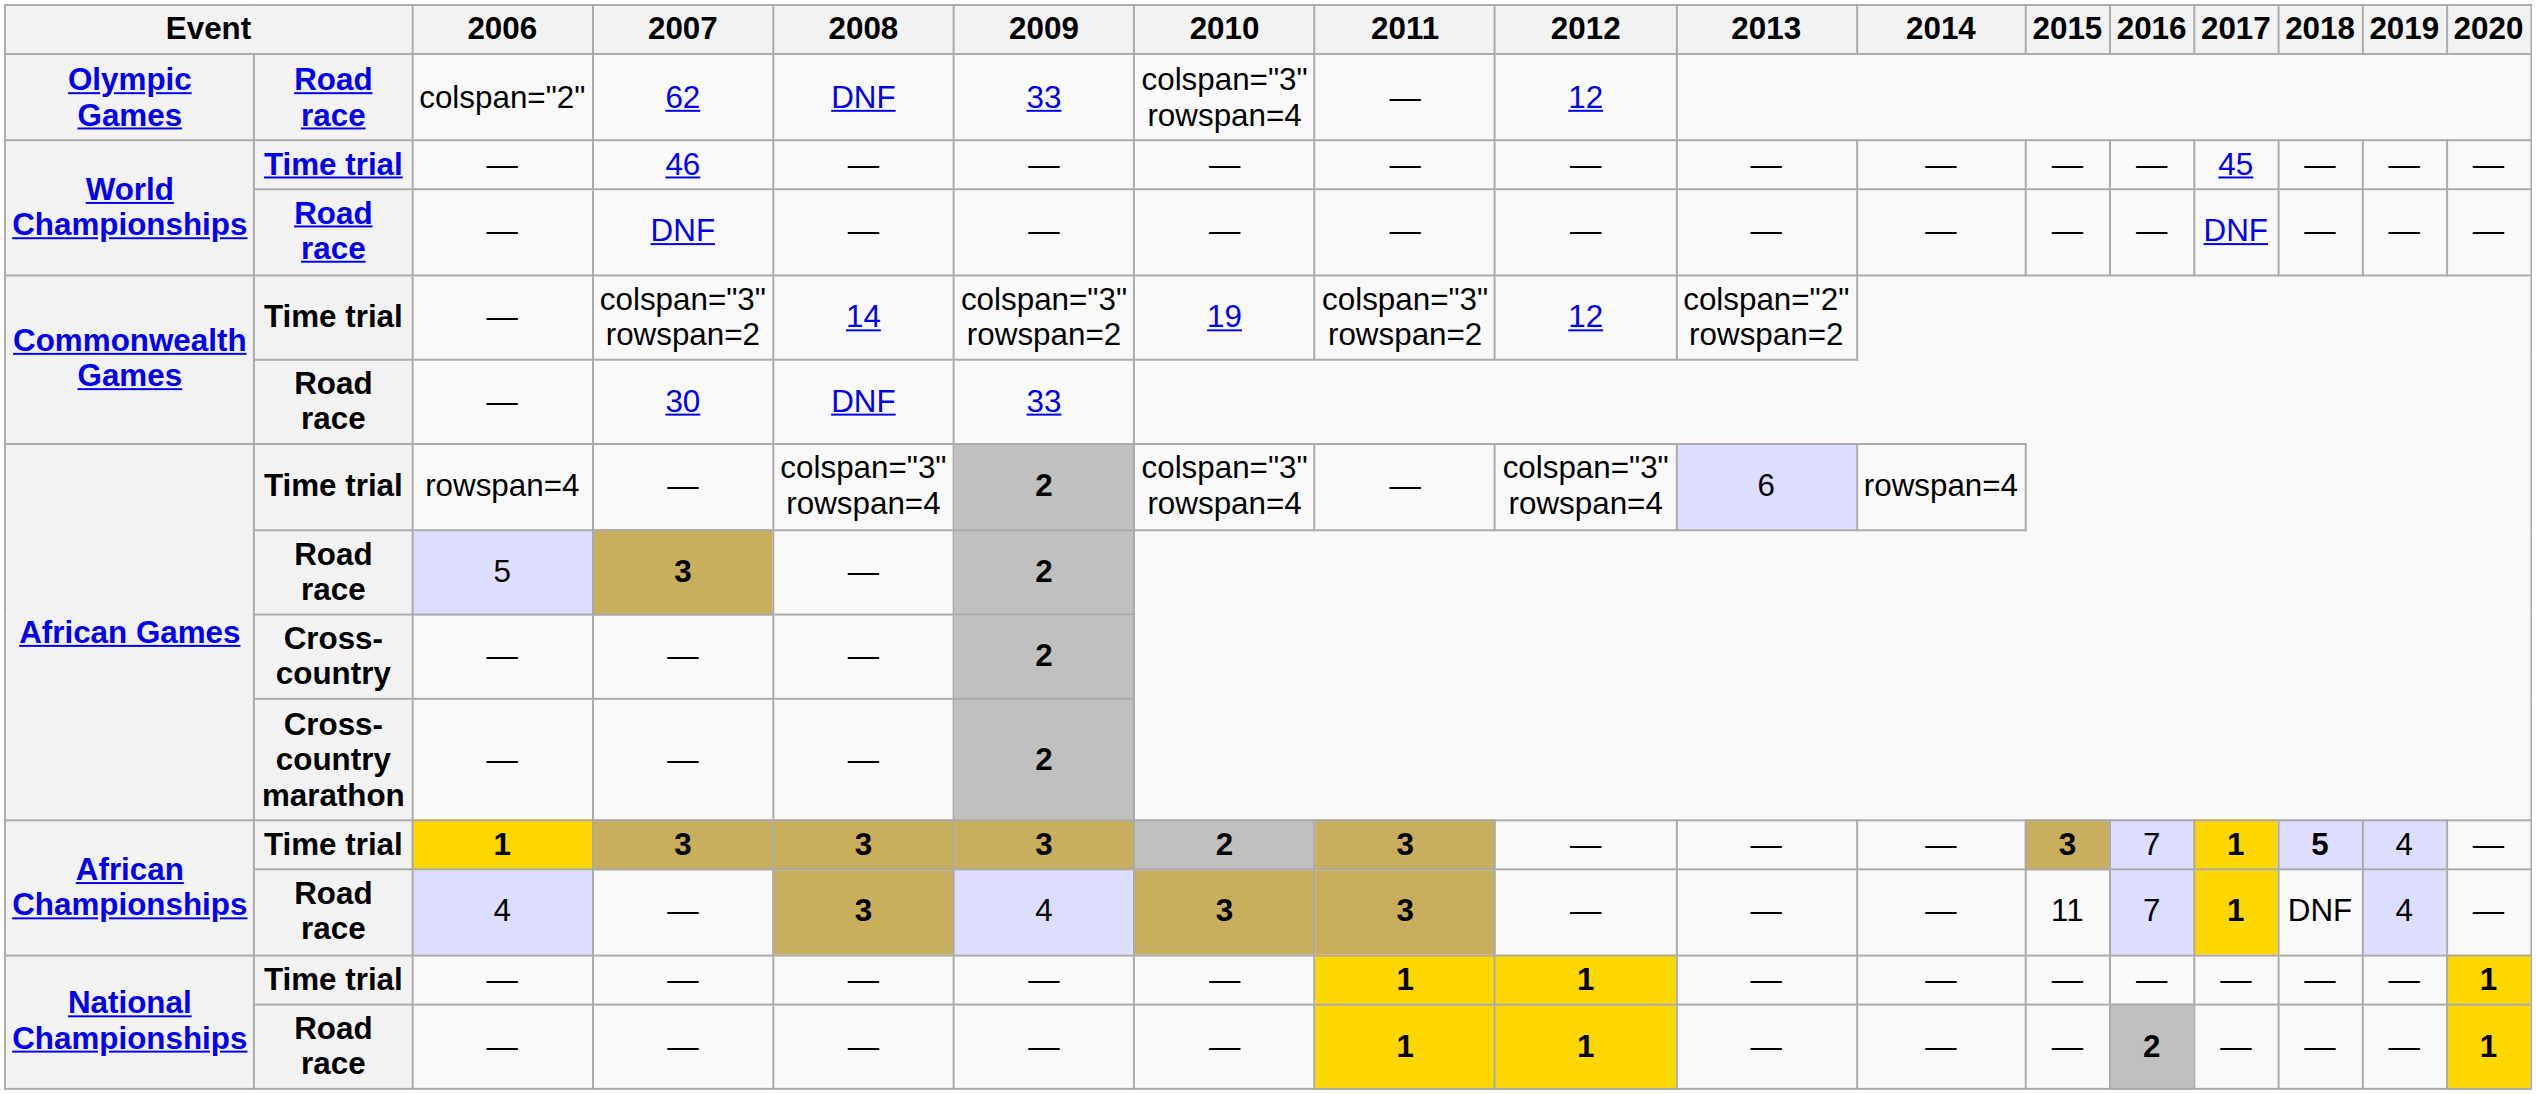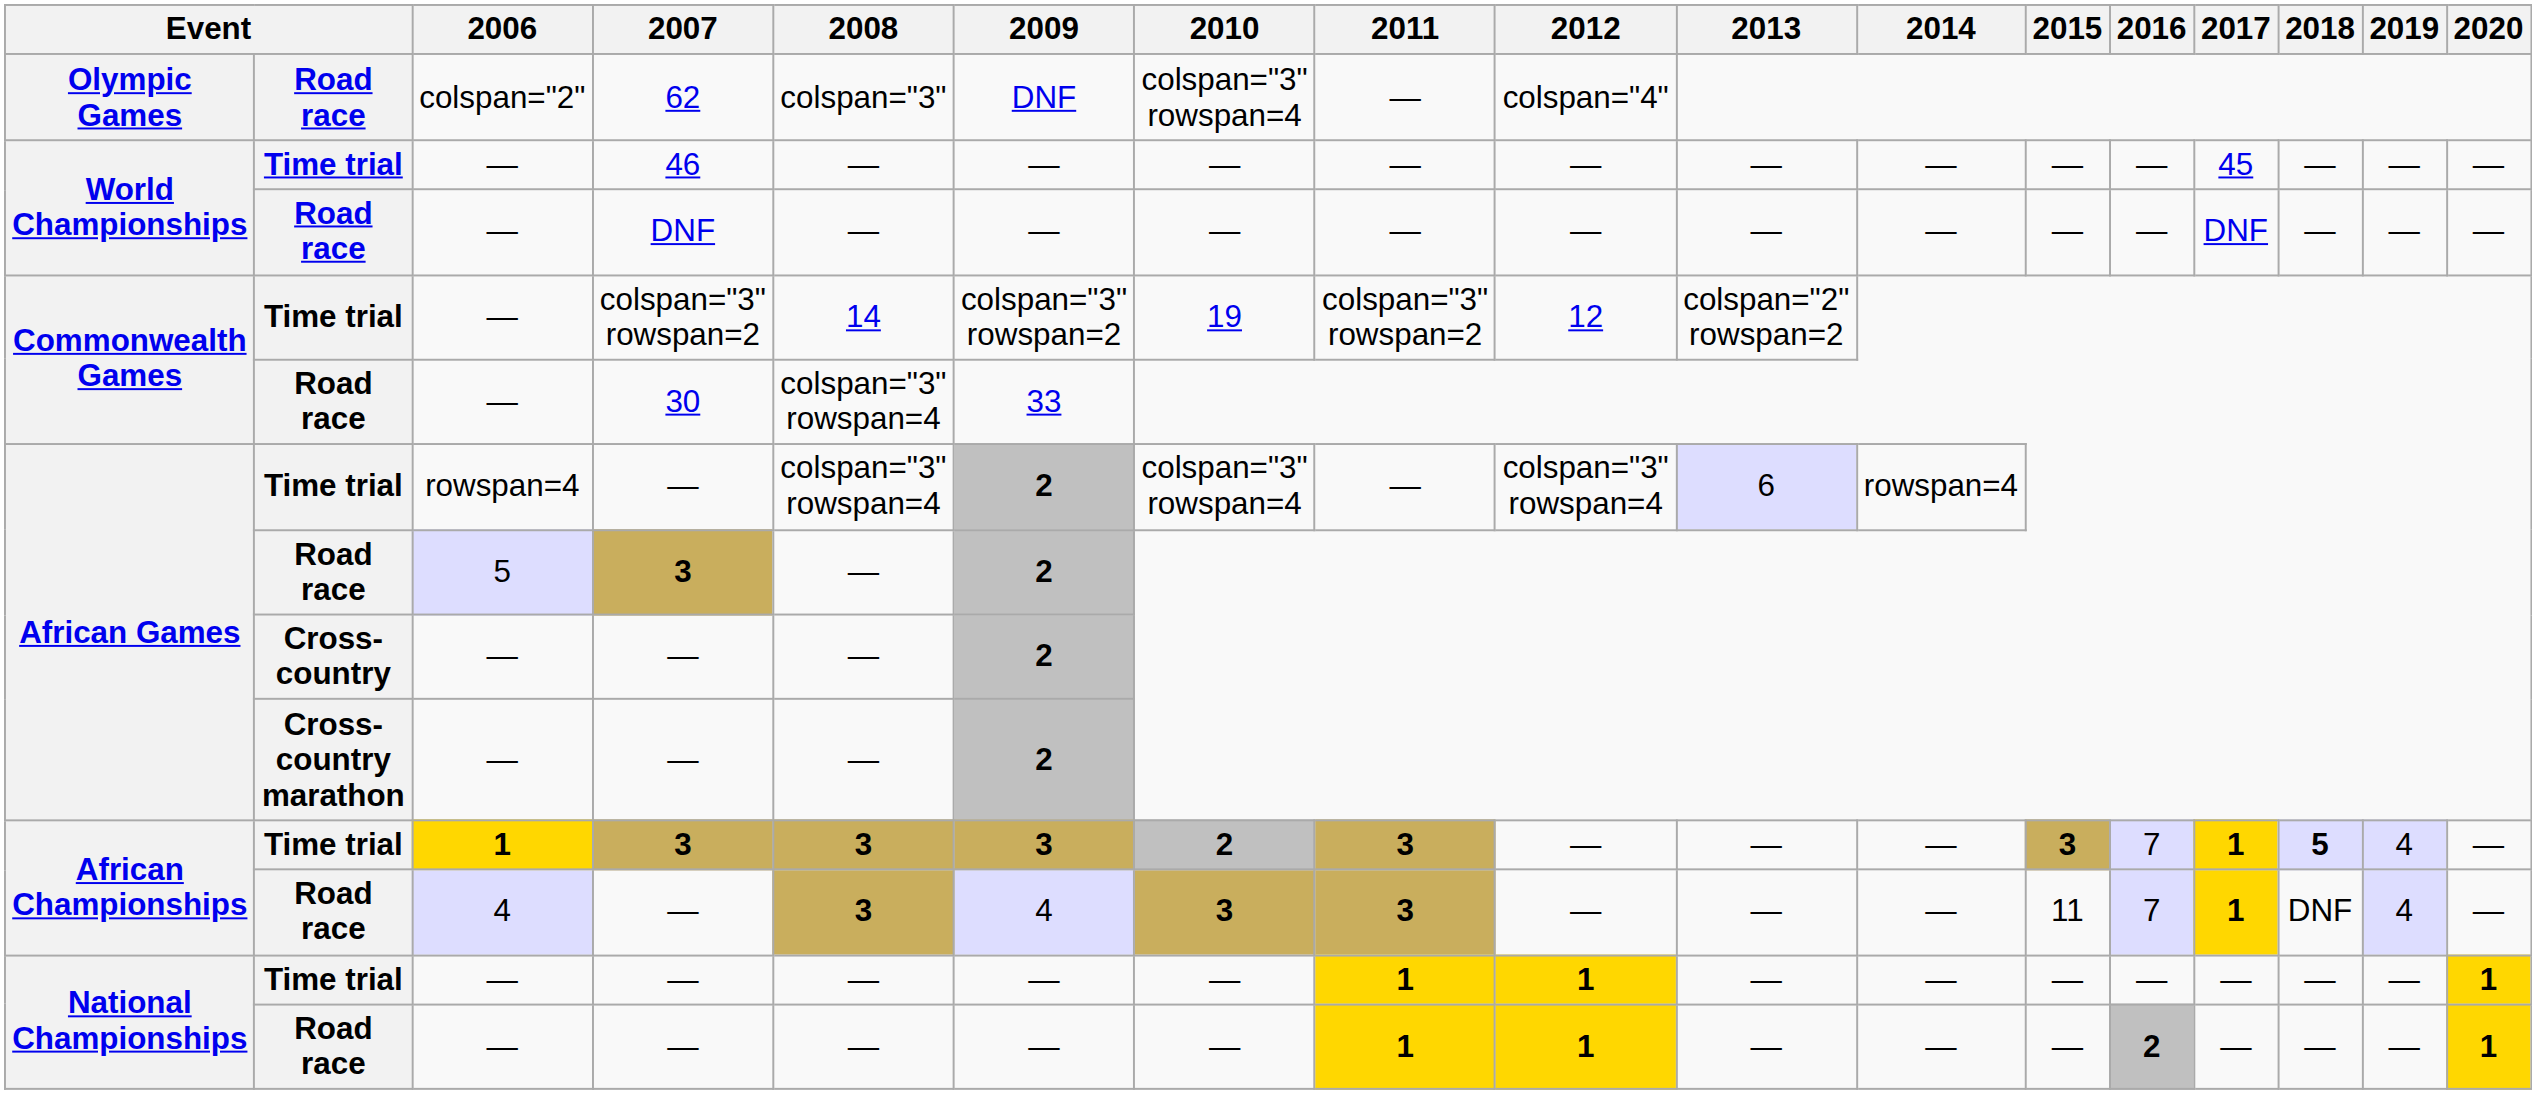 <table class="wikitable plainrowheaders">
 <tr>
 <th colspan="2" scope="col">Event</th>
 <th scope="col">2006</th>
 <th scope="col">2007</th>
 <th scope="col">2008</th>
 <th scope="col">2009</th>
 <th scope="col">2010</th>
 <th scope="col">2011</th>
 <th scope="col">2012</th>
 <th scope="col">2013</th>
 <th scope="col">2014</th>
 <th scope="col">2015</th>
 <th scope="col">2016</th>
 <th scope="col">2017</th>
 <th scope="col">2018</th>
 <th scope="col">2019</th>
 <th scope="col">2020</th>
 </tr>
 <tr style="text-align:center;">
 <th scope="row"> <a href='#'>Olympic Games</a></th>
 <th scope="row"><a href='#'>Road race</a></th>
 <td>colspan="2" </td>
 <td><a href='#'>62</a></td>
+<td>colspan="3" </td>
 <td><a href='#'>DNF</a></td>
-<td><a href='#'>33</a></td>
 <td>colspan="3" rowspan=4 </td>
 <td>—</td>
-<td><a href='#'>12</a></td>
+<td>colspan="4" </td>
 </tr>
 <tr style="text-align:center;">
 <th rowspan="2" scope="row"> <a href='#'>World Championships</a></th>
 <th scope="row"><a href='#'>Time trial</a></th>
 <td>—</td>
 <td><a href='#'>46</a></td>
 <td>—</td>
 <td>—</td>
 <td>—</td>
 <td>—</td>
 <td>—</td>
 <td>—</td>
 <td>—</td>
 <td>—</td>
 <td>—</td>
 <td><a href='#'>45</a></td>
 <td>—</td>
 <td>—</td>
 <td>—</td>
 </tr>
 <tr style="text-align:center;">
 <th scope="row"><a href='#'>Road race</a></th>
 <td>—</td>
 <td><a href='#'>DNF</a></td>
 <td>—</td>
 <td>—</td>
 <td>—</td>
 <td>—</td>
 <td>—</td>
 <td>—</td>
 <td>—</td>
 <td>—</td>
 <td>—</td>
 <td><a href='#'>DNF</a></td>
 <td>—</td>
 <td>—</td>
 <td>—</td>
 </tr>
 <tr style="text-align:center;">
 <th scope="row" rowspan=2> <a href='#'>Commonwealth Games</a></th>
 <th scope="row">Time trial</th>
 <td>—</td>
 <td>colspan="3" rowspan=2 </td>
 <td><a href='#'>14</a></td>
 <td>colspan="3" rowspan=2 </td>
 <td><a href='#'>19</a></td>
 <td>colspan="3" rowspan=2 </td>
 <td><a href='#'>12</a></td>
 <td>colspan="2" rowspan=2 </td>
 </tr>
 <tr style="text-align:center;">
 <th scope="row">Road race</th>
 <td>—</td>
 <td><a href='#'>30</a></td>
-<td><a href='#'>DNF</a></td>
+<td>colspan="3" rowspan=4 </td>
 <td><a href='#'>33</a></td>
 </tr>
 <tr style="text-align:center;">
 <th rowspan="4" scope="row"> <a href='#'>African Games</a></th>
 <th scope="row">Time trial</th>
 <td>rowspan=4 </td>
 <td>—</td>
 <td>colspan="3" rowspan=4 </td>
 <td style="background:silver;"><strong>2</strong></td>
 <td>colspan="3" rowspan=4 </td>
 <td>—</td>
 <td>colspan="3" rowspan=4 </td>
 <td style="background:#ddf;">6</td>
 <td>rowspan=4 </td>
 </tr>
 <tr style="text-align:center;">
 <th scope="row">Road race</th>
 <td style="background:#ddf;">5</td>
 <td style="background:#C9AE5D;"><strong>3</strong></td>
 <td>—</td>
 <td style="background:silver;"><strong>2</strong></td>
 </tr>
 <tr style="text-align:center;">
 <th scope="row">Cross-country</th>
 <td>—</td>
 <td>—</td>
 <td>—</td>
 <td style="background:silver;"><strong>2</strong></td>
 </tr>
 <tr style="text-align:center;">
 <th scope="row">Cross-country marathon</th>
 <td>—</td>
 <td>—</td>
 <td>—</td>
 <td style="background:silver;"><strong>2</strong></td>
 </tr>
 <tr style="text-align:center;">
 <th rowspan="2" scope="row"> <a href='#'>African Championships</a></th>
 <th scope="row">Time trial</th>
 <td style="background:gold;"><strong>1</strong></td>
 <td style="background:#C9AE5D;"><strong>3</strong></td>
 <td style="background:#C9AE5D;"><strong>3</strong></td>
 <td style="background:#C9AE5D;"><strong>3</strong></td>
 <td style="background:silver;"><strong>2</strong></td>
 <td style="background:#C9AE5D;"><strong>3</strong></td>
 <td>—</td>
 <td>—</td>
 <td>—</td>
 <td style="background:#C9AE5D;"><strong>3</strong></td>
 <td style="background:#ddf;">7</td>
 <td style="background:gold;"><strong>1</strong></td>
 <td style="background:#ddf;"><strong>5</strong></td>
 <td style="background:#ddf;">4</td>
 <td>—</td>
 </tr>
 <tr style="text-align:center;">
 <th scope="row">Road race</th>
 <td style="background:#ddf;">4</td>
 <td>—</td>
 <td style="background:#C9AE5D;"><strong>3</strong></td>
 <td style="background:#ddf;">4</td>
 <td style="background:#C9AE5D;"><strong>3</strong></td>
 <td style="background:#C9AE5D;"><strong>3</strong></td>
 <td>—</td>
 <td>—</td>
 <td>—</td>
 <td>11</td>
 <td style="background:#ddf;">7</td>
 <td style="background:gold;"><strong>1</strong></td>
 <td>DNF</td>
 <td style="background:#ddf;">4</td>
 <td>—</td>
 </tr>
 <tr style="text-align:center;">
 <th rowspan="2" scope="row"> <a href='#'>National Championships</a></th>
 <th scope="row">Time trial</th>
 <td>—</td>
 <td>—</td>
 <td>—</td>
 <td>—</td>
 <td>—</td>
 <td style="background:gold;"><strong>1</strong></td>
 <td style="background:gold;"><strong>1</strong></td>
 <td>—</td>
 <td>—</td>
 <td>—</td>
 <td>—</td>
 <td>—</td>
 <td>—</td>
 <td>—</td>
 <td style="background:gold;"><strong>1</strong></td>
 </tr>
 <tr style="text-align:center;">
 <th scope="row">Road race</th>
 <td>—</td>
 <td>—</td>
 <td>—</td>
 <td>—</td>
 <td>—</td>
 <td style="background:gold;"><strong>1</strong></td>
 <td style="background:gold;"><strong>1</strong></td>
 <td>—</td>
 <td>—</td>
 <td>—</td>
 <td style="background:silver;"><strong>2</strong></td>
 <td>—</td>
 <td>—</td>
 <td>—</td>
 <td style="background:gold;"><strong>1</strong></td>
 </tr>
 </table>
